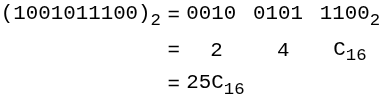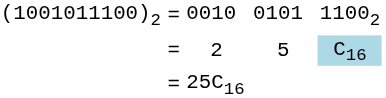 <table>
 <tr>
 <td>(1001011100)<sub>2</sub></td>
 <td>=</td>
 <td>0010<sub> </sub></td>
 <td>0101<sub> </sub></td>
 <td>1100<sub>2</sub></td>
 </tr>
 <tr>
 <td> </td>
 <td>=</td>
 <td align="center">2</td>
-<td align="center">4</td>
-<td align="center">C<sub>16</sub></td>
+<td align="center">5</td>
+<td align="center" style="background: lightblue;">C<sub>16</sub></td>
 </tr>
 <tr>
 <td> </td>
 <td>=</td>
 <td colspan="5">25C<sub>16</sub></td>
 </tr>
 </table>
